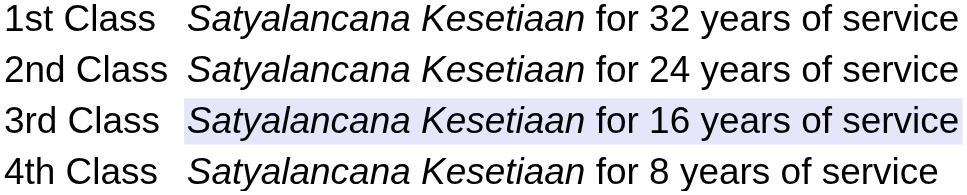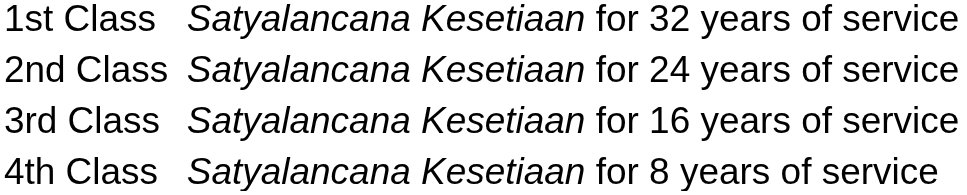 <table>
 <tr>
 <td>1st Class</td>
 <td></td>
 <td><em>Satyalancana Kesetiaan</em> for 32 years of service</td>
 </tr>
 <tr>
 <td>2nd Class</td>
 <td></td>
 <td><em>Satyalancana Kesetiaan</em> for 24 years of service</td>
 </tr>
 <tr>
 <td>3rd Class</td>
 <td></td>
-<td style="background: lavender;"><em>Satyalancana Kesetiaan</em> for 16 years of service</td>
+<td><em>Satyalancana Kesetiaan</em> for 16 years of service</td>
 </tr>
 <tr>
 <td>4th Class</td>
 <td></td>
 <td><em>Satyalancana Kesetiaan</em> for 8 years of service</td>
 </tr>
 </table>
